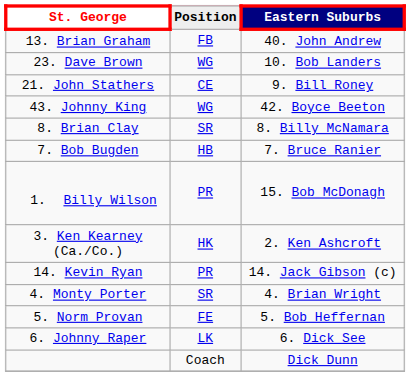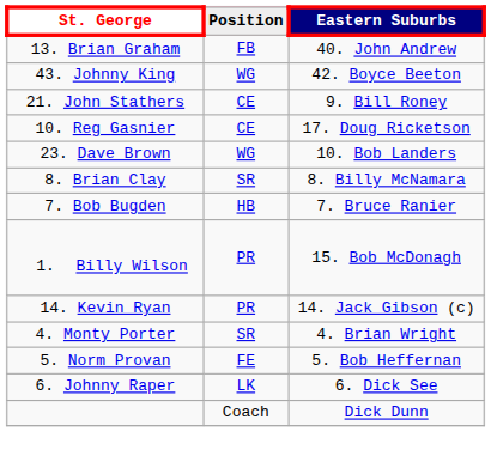 <table align="right" class="wikitable" style="font-size:90%; margin-left:1em">
 <tr bgcolor="#FF0033">
 <th style="width:140px; border:3px solid red; background: white; color: red">St. George</th>
 <th style="width:40px; text-align:center; background:#eee; color:black;">Position</th>
 <th style="width:140px; border:3px solid red; background: navy; color: white">Eastern Suburbs</th>
 </tr>
 <tr align=center>
 <td>13. <a href='#'>Brian Graham</a></td>
 <td><a href='#'>FB</a></td>
 <td>40. <a href='#'>John Andrew</a></td>
 </tr>
 <tr align=center>
-<td>23. <a href='#'>Dave Brown</a></td>
+<td>43. <a href='#'>Johnny King</a></td>
 <td><a href='#'>WG</a></td>
-<td>10. <a href='#'>Bob Landers</a></td>
+<td>42. <a href='#'>Boyce Beeton</a></td>
 </tr>
 <tr align=center>
 <td>21. <a href='#'>John Stathers</a></td>
 <td><a href='#'>CE</a></td>
 <td>9. <a href='#'>Bill Roney</a></td>
 </tr>
 <tr align=center>
-<td>43. <a href='#'>Johnny King</a></td>
+<td>10. <a href='#'>Reg Gasnier</a></td>
+<td><a href='#'>CE</a></td>
+<td>17. <a href='#'>Doug Ricketson</a></td>
+</tr>
+<tr align=center>
+<td>23. <a href='#'>Dave Brown</a></td>
 <td><a href='#'>WG</a></td>
-<td>42. <a href='#'>Boyce Beeton</a></td>
+<td>10. <a href='#'>Bob Landers</a></td>
 </tr>
 <tr align=center>
 <td>8. <a href='#'>Brian Clay</a></td>
 <td><a href='#'>SR</a></td>
 <td>8. <a href='#'>Billy McNamara</a></td>
 </tr>
 <tr align=center>
 <td>7. <a href='#'>Bob Bugden</a></td>
 <td><a href='#'>HB</a></td>
 <td>7. <a href='#'>Bruce Ranier</a></td>
 </tr>
 <tr align=center>
 <td><br><ol><li><a href='#'>Billy Wilson</a></li></ol></td>
 <td><a href='#'>PR</a></td>
 <td>15. <a href='#'>Bob McDonagh</a></td>
-</tr>
-<tr align=center>
-<td>3. <a href='#'>Ken Kearney</a> (Ca./Co.)</td>
-<td><a href='#'>HK</a></td>
-<td>2. <a href='#'>Ken Ashcroft</a></td>
 </tr>
 <tr align=center>
 <td>14. <a href='#'>Kevin Ryan</a></td>
 <td><a href='#'>PR</a></td>
 <td>14. <a href='#'>Jack Gibson</a> (c)</td>
 </tr>
 <tr align=center>
 <td>4. <a href='#'>Monty Porter</a></td>
 <td><a href='#'>SR</a></td>
 <td>4. <a href='#'>Brian Wright</a></td>
 </tr>
 <tr align=center>
 <td>5. <a href='#'>Norm Provan</a></td>
 <td><a href='#'>FE</a></td>
 <td>5. <a href='#'>Bob Heffernan</a></td>
 </tr>
 <tr align=center>
 <td>6. <a href='#'>Johnny Raper</a></td>
 <td><a href='#'>LK</a></td>
 <td>6. <a href='#'>Dick See</a></td>
 </tr>
 <tr align=center>
 <td></td>
 <td>Coach</td>
 <td><a href='#'>Dick Dunn</a></td>
 </tr>
 <tr>
 </tr>
 </table>
